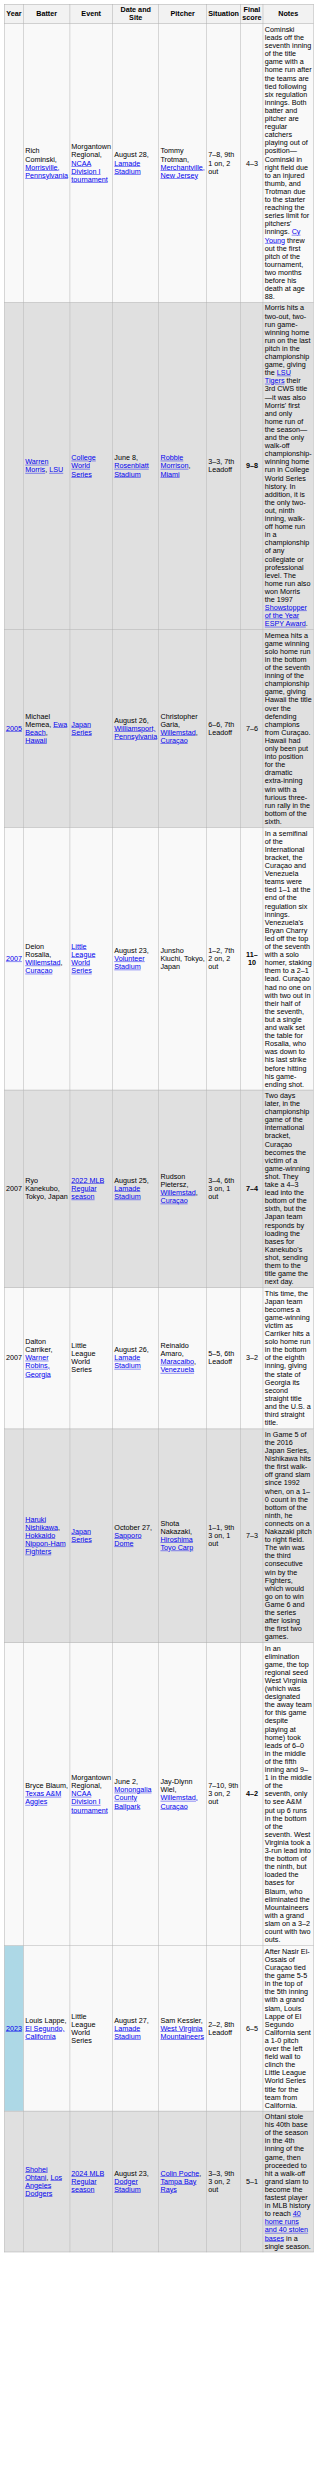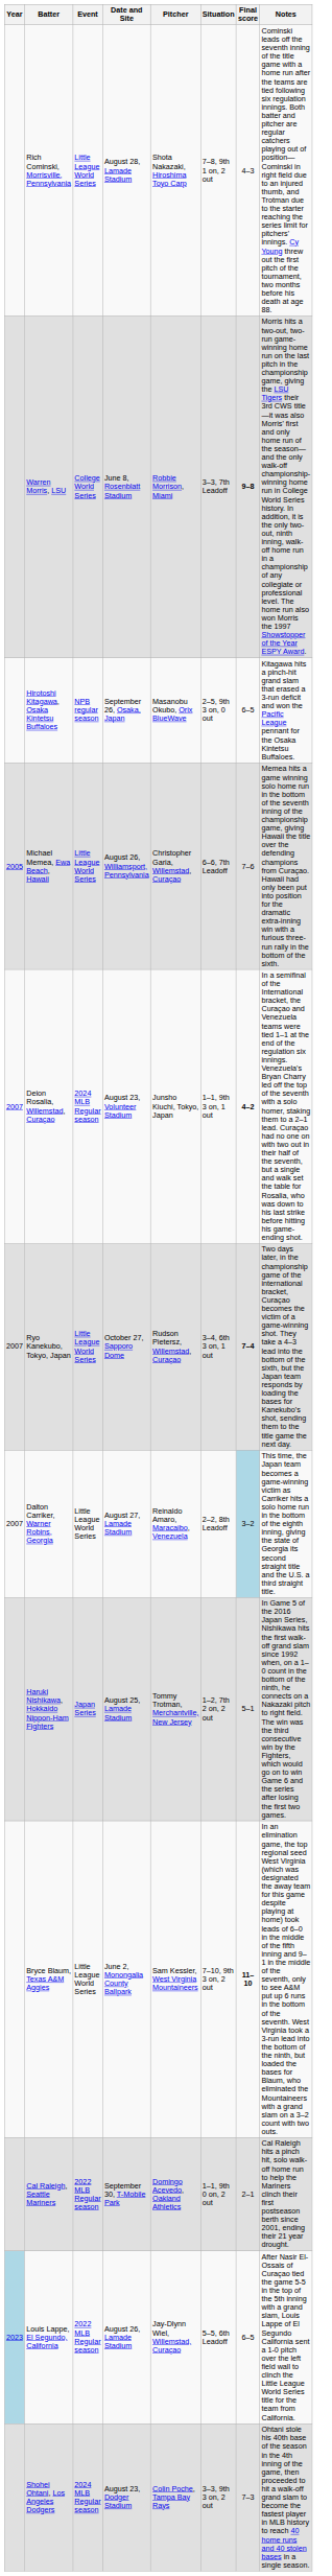 <table class="wikitable">
 <tr style="background:#e0e0e0;">
 <th>Year</th>
 <th>Batter</th>
 <th>Event</th>
 <th>Date and Site</th>
 <th>Pitcher</th>
 <th>Situation</th>
 <th>Final score</th>
 <th>Notes</th>
 </tr>
 <tr>
 <td></td>
 <td>Rich Cominski, <a href='#'>Morrisville, Pennsylvania</a></td>
-<td>Morgantown Regional, <a href='#'>NCAA Division I tournament</a></td>
+<td><a href='#'>Little League World Series</a></td>
 <td>August 28, <a href='#'>Lamade Stadium</a></td>
-<td>Tommy Trotman, <a href='#'>Merchantville, New Jersey</a></td>
+<td>Shota Nakazaki, <a href='#'>Hiroshima Toyo Carp</a></td>
 <td>7–8, 9th<br>1 on, 2 out</td>
 <td style="text-align:center;">4–3</td>
 <td>Cominski leads off the seventh inning of the title game with a home run after the teams are tied following six regulation innings. Both batter and pitcher are regular catchers playing out of position—Cominski in right field due to an injured thumb, and Trotman due to the starter reaching the series limit for pitchers' innings. <a href='#'>Cy Young</a> threw out the first pitch of the tournament, two months before his death at age 88.</td>
 </tr>
 <tr style="background:#e0e0e0;">
 <td></td>
 <td><a href='#'>Warren Morris</a>, <a href='#'>LSU</a></td>
 <td><a href='#'>College World Series</a></td>
 <td>June 8, <a href='#'>Rosenblatt Stadium</a></td>
 <td><a href='#'>Robbie Morrison</a>, <a href='#'>Miami</a></td>
 <td>3–3, 7th<br>Leadoff</td>
 <td style="text-align:center;"><strong>9–8</strong></td>
 <td>Morris hits a two-out, two-run game-winning home run on the last pitch in the championship game, giving the <a href='#'>LSU Tigers</a> their 3rd CWS title—it was also Morris' first and only home run of the season—and the only walk-off championship-winning home run in College World Series history.  In addition, it is the only two-out, ninth inning, walk-off home run in a championship of any collegiate or professional level. The home run also won Morris the 1997 <a href='#'>Showstopper of the Year ESPY Award</a>.</td>
 </tr>
+<tr>
+<td></td>
+<td><a href='#'>Hirotoshi Kitagawa</a>, <a href='#'>Osaka Kintetsu Buffaloes</a></td>
+<td><a href='#'>NPB regular season</a></td>
+<td>September 26, <a href='#'>Osaka, Japan</a></td>
+<td>Masanobu Okubo, <a href='#'>Orix BlueWave</a></td>
+<td>2–5, 9th<br>3 on, 0 out</td>
+<td style="text-align:center;">6–5</td>
+<td>Kitagawa hits a pinch-hit grand slam that erased a 3-run deficit and won the <a href='#'>Pacific League</a> pennant for the Osaka Kintetsu Buffaloes.</td>
+</tr>
 <tr style="background:#e0e0e0;">
 <td><a href='#'>2005</a></td>
 <td>Michael Memea, <a href='#'>Ewa Beach</a>, <a href='#'>Hawaii</a></td>
-<td><a href='#'>Japan Series</a></td>
+<td><a href='#'>Little League World Series</a></td>
 <td>August 26, <a href='#'>Williamsport, Pennsylvania</a></td>
 <td>Christopher Garia, <a href='#'>Willemstad</a>, <a href='#'>Curaçao</a></td>
 <td>6–6, 7th<br>Leadoff</td>
 <td style="text-align:center;">7–6</td>
 <td>Memea hits a game winning solo home run in the bottom of the seventh inning of the championship game, giving Hawaii the title over the defending champions from Curaçao. Hawaii had only been put into position for the dramatic extra-inning win with a furious three-run rally in the bottom of the sixth.</td>
 </tr>
 <tr>
 <td><a href='#'>2007</a></td>
 <td>Deion Rosalia, <a href='#'>Willemstad</a>, <a href='#'>Curaçao</a></td>
-<td><a href='#'>Little League World Series</a></td>
+<td><a href='#'>2024 MLB Regular season</a></td>
 <td>August 23, <a href='#'>Volunteer Stadium</a></td>
 <td>Junsho Kiuchi, Tokyo, Japan</td>
-<td>1–2, 7th<br>2 on, 2 out</td>
-<td align=center><strong>11–10</strong></td>
+<td>1–1, 9th<br>3 on, 1 out</td>
+<td style="text-align:center;"><strong>4–2</strong></td>
 <td>In a semifinal of the International bracket, the Curaçao and Venezuela teams were tied 1–1 at the end of the regulation six innings. Venezuela's Bryan Charry led off the top of the seventh with a solo homer, staking them to a 2–1 lead. Curaçao had no one on with two out in their half of the seventh, but a single and walk set the table for Rosalia, who was down to his last strike before hitting his game-ending shot.</td>
 </tr>
 <tr style="background:#e0e0e0;">
 <td>2007</td>
 <td>Ryo Kanekubo, Tokyo, Japan</td>
-<td><a href='#'>2022 MLB Regular season</a></td>
-<td>August 25, <a href='#'>Lamade Stadium</a></td>
+<td><a href='#'>Little League World Series</a></td>
+<td>October 27, <a href='#'>Sapporo Dome</a></td>
 <td>Rudson Pietersz, <a href='#'>Willemstad</a>, <a href='#'>Curaçao</a></td>
 <td>3–4, 6th<br>3 on, 1 out</td>
 <td style="text-align:center;"><strong>7–4</strong></td>
 <td>Two days later, in the championship game of the international bracket, Curaçao becomes the victim of a game-winning shot. They take a 4–3 lead into the bottom of the sixth, but the Japan team responds by loading the bases for Kanekubo's shot, sending them to the title game the next day.</td>
 </tr>
 <tr>
 <td>2007</td>
 <td>Dalton Carriker, <a href='#'>Warner Robins, Georgia</a></td>
 <td>Little League World Series</td>
-<td>August 26, <a href='#'>Lamade Stadium</a></td>
+<td>August 27, <a href='#'>Lamade Stadium</a></td>
 <td>Reinaldo Amaro, <a href='#'>Maracaibo</a>, <a href='#'>Venezuela</a></td>
-<td>5–5, 6th<br>Leadoff</td>
-<td style="text-align:center;">3–2</td>
+<td>2–2, 8th<br>Leadoff</td>
+<td style="background: lightblue; text-align:center;">3–2</td>
 <td>This time, the Japan team becomes a game-winning victim as Carriker hits a solo home run in the bottom of the eighth inning, giving the state of Georgia its second straight title and the U.S. a third straight title.</td>
 </tr>
 <tr style="background:#e0e0e0;">
 <td></td>
 <td><a href='#'>Haruki Nishikawa</a>, <a href='#'>Hokkaido Nippon-Ham Fighters</a></td>
 <td><a href='#'>Japan Series</a></td>
-<td>October 27, <a href='#'>Sapporo Dome</a></td>
-<td>Shota Nakazaki, <a href='#'>Hiroshima Toyo Carp</a></td>
-<td>1–1, 9th<br>3 on, 1 out</td>
-<td align=center>7–3</td>
+<td>August 25, <a href='#'>Lamade Stadium</a></td>
+<td>Tommy Trotman, <a href='#'>Merchantville, New Jersey</a></td>
+<td>1–2, 7th<br>2 on, 2 out</td>
+<td align=center>5–1</td>
 <td>In Game 5 of the 2016 Japan Series, Nishikawa hits the first walk-off grand slam since 1992 when, on a 1–0 count in the bottom of the ninth, he connects on a Nakazaki pitch to right field.  The win was the third consecutive win by the Fighters, which would go on to win Game 6 and the series after losing the first two games.</td>
 </tr>
 <tr>
 <td></td>
 <td>Bryce Blaum, <a href='#'>Texas A&M Aggies</a></td>
-<td>Morgantown Regional, <a href='#'>NCAA Division I tournament</a></td>
+<td>Little League World Series</td>
 <td>June 2, <a href='#'>Monongalia County Ballpark</a></td>
-<td>Jay-Dlynn Wiel, <a href='#'>Willemstad, Curaçao</a></td>
+<td>Sam Kessler, <a href='#'>West Virginia Mountaineers</a></td>
 <td>7–10, 9th<br>3 on, 2 out</td>
-<td style="text-align:center;"><strong>4–2</strong></td>
+<td align=center><strong>11–10</strong></td>
 <td>In an elimination game, the top regional seed West Virginia (which was designated the away team for this game despite playing at home) took leads of 6–0 in the middle of the fifth inning and 9–1 in the middle of the seventh, only to see A&M put up 6 runs in the bottom of the seventh. West Virginia took a 3-run lead into the bottom of the ninth, but loaded the bases for Blaum, who eliminated the Mountaineers with a grand slam on a 3–2 count with two outs.</td>
+</tr>
+<tr style="background:#e0e0e0;">
+<td></td>
+<td><a href='#'>Cal Raleigh</a>, <a href='#'>Seattle Mariners</a></td>
+<td><a href='#'>2022 MLB Regular season</a></td>
+<td>September 30, <a href='#'>T-Mobile Park</a></td>
+<td><a href='#'>Domingo Acevedo</a>, <a href='#'>Oakland Athletics</a></td>
+<td>1–1, 9th<br>0 on, 2 out</td>
+<td align=center>2–1</td>
+<td>Cal Raleigh hits a pinch hit, solo walk-off home run to help the Mariners clinch their first postseason berth since 2001, ending their 21 year drought.</td>
 </tr>
 <tr>
 <td style="background: lightblue;"><a href='#'>2023</a></td>
 <td>Louis Lappe, <a href='#'>El Segundo, California</a></td>
-<td>Little League World Series</td>
-<td>August 27, <a href='#'>Lamade Stadium</a></td>
-<td>Sam Kessler, <a href='#'>West Virginia Mountaineers</a></td>
-<td>2–2, 8th<br>Leadoff</td>
+<td><a href='#'>2022 MLB Regular season</a></td>
+<td>August 26, <a href='#'>Lamade Stadium</a></td>
+<td>Jay-Dlynn Wiel, <a href='#'>Willemstad, Curaçao</a></td>
+<td>5–5, 6th<br>Leadoff</td>
 <td style="text-align:center;">6–5</td>
 <td>After Nasir El-Ossais of Curaçao tied the game 5-5 in the top of the 5th inning with a grand slam, Louis Lappe of El Segundo California sent a 1-0 pitch over the left field wall to clinch the Little League World Series title for the team from California.</td>
 </tr>
 <tr style="background:#e0e0e0;">
 <td></td>
 <td><a href='#'>Shohei Ohtani</a>, <a href='#'>Los Angeles Dodgers</a></td>
 <td><a href='#'>2024 MLB Regular season</a></td>
 <td>August 23, <a href='#'>Dodger Stadium</a></td>
 <td><a href='#'>Colin Poche</a>, <a href='#'>Tampa Bay Rays</a></td>
 <td>3–3, 9th<br>3 on, 2 out</td>
-<td align=center>5–1</td>
+<td align=center>7–3</td>
 <td>Ohtani stole his 40th base of the season in the 4th inning of the game, then proceeded to hit a walk-off grand slam to become the fastest player in MLB history to reach <a href='#'>40 home runs and 40 stolen bases</a> in a single season.</td>
 </tr>
 </table>
